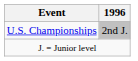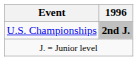 <table class="wikitable" style="text-align:center">
 <tr>
 <th>Event</th>
 <th>1996</th>
 </tr>
 <tr>
 <td align=left><a href='#'>U.S. Championships</a></td>
-<td bgcolor=silver>2nd J.</td>
+<td bgcolor=silver><strong>2nd J.</strong></td>
 </tr>
 <tr>
 <td colspan=2 align=center><small> J. = Junior level </small></td>
 </tr>
 </table>
